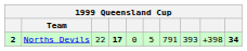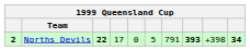 <table class="wikitable" style="text-align:center;">
 <tr>
 <th colspan="11">1999 Queensland Cup</th>
 </tr>
 <tr>
 <th width="20"></th>
 <th>Team</th>
 <th width="20"></th>
 <th width="20"></th>
 <th width="20"></th>
 <th width="20"></th>
 <th width="25"></th>
 <th width="25"></th>
 <th width="30"></th>
 <th width="20"></th>
 </tr>
 <tr style="background: #ccffcc;">
 <td><strong>2</strong></td>
 <td style="text-align:left;"> <a href='#'>Norths Devils</a></td>
-<td>22</td>
-<td><strong>17</strong></td>
+<td><strong>22</strong></td>
+<td>17</td>
 <td>0</td>
 <td>5</td>
 <td>791</td>
-<td>393</td>
+<td><strong>393</strong></td>
 <td>+398</td>
 <td><strong>34</strong></td>
 </tr>
 </table>
